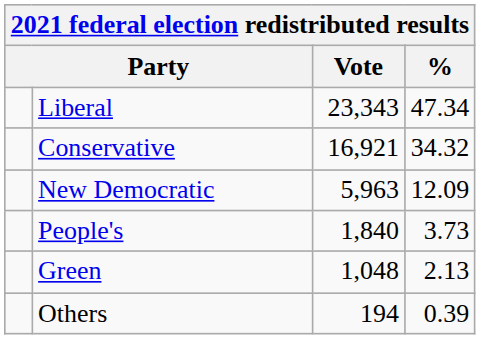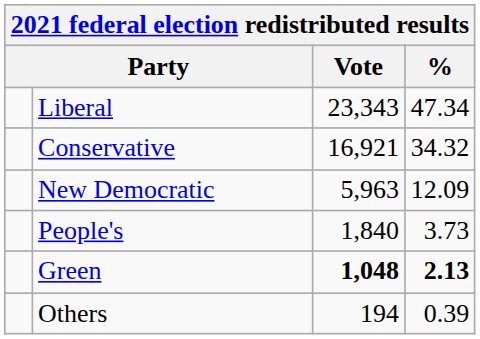 <table class="wikitable">
 <tr>
 <th colspan="4"><a href='#'>2021 federal election</a> redistributed results</th>
 </tr>
 <tr>
 <th bgcolor="#DDDDFF" width="130px" colspan="2">Party</th>
 <th bgcolor="#DDDDFF" width="50px">Vote</th>
 <th bgcolor="#DDDDFF" width="30px">%</th>
 </tr>
 <tr>
 <td> </td>
 <td><a href='#'>Liberal</a></td>
 <td align=right>23,343</td>
 <td align=right>47.34</td>
 </tr>
 <tr>
 <td> </td>
 <td><a href='#'>Conservative</a></td>
 <td align=right>16,921</td>
 <td align=right>34.32</td>
 </tr>
 <tr>
 <td> </td>
 <td><a href='#'>New Democratic</a></td>
 <td align=right>5,963</td>
 <td align=right>12.09</td>
 </tr>
 <tr>
 <td> </td>
 <td><a href='#'>People's</a></td>
 <td align=right>1,840</td>
 <td align=right>3.73</td>
 </tr>
 <tr>
 <td> </td>
 <td><a href='#'>Green</a></td>
-<td align=right>1,048</td>
-<td align=right>2.13</td>
+<td align=right><strong>1,048</strong></td>
+<td align=right><strong>2.13</strong></td>
 </tr>
 <tr>
 <td> </td>
 <td>Others</td>
 <td align=right>194</td>
 <td align=right>0.39</td>
 </tr>
 </table>
